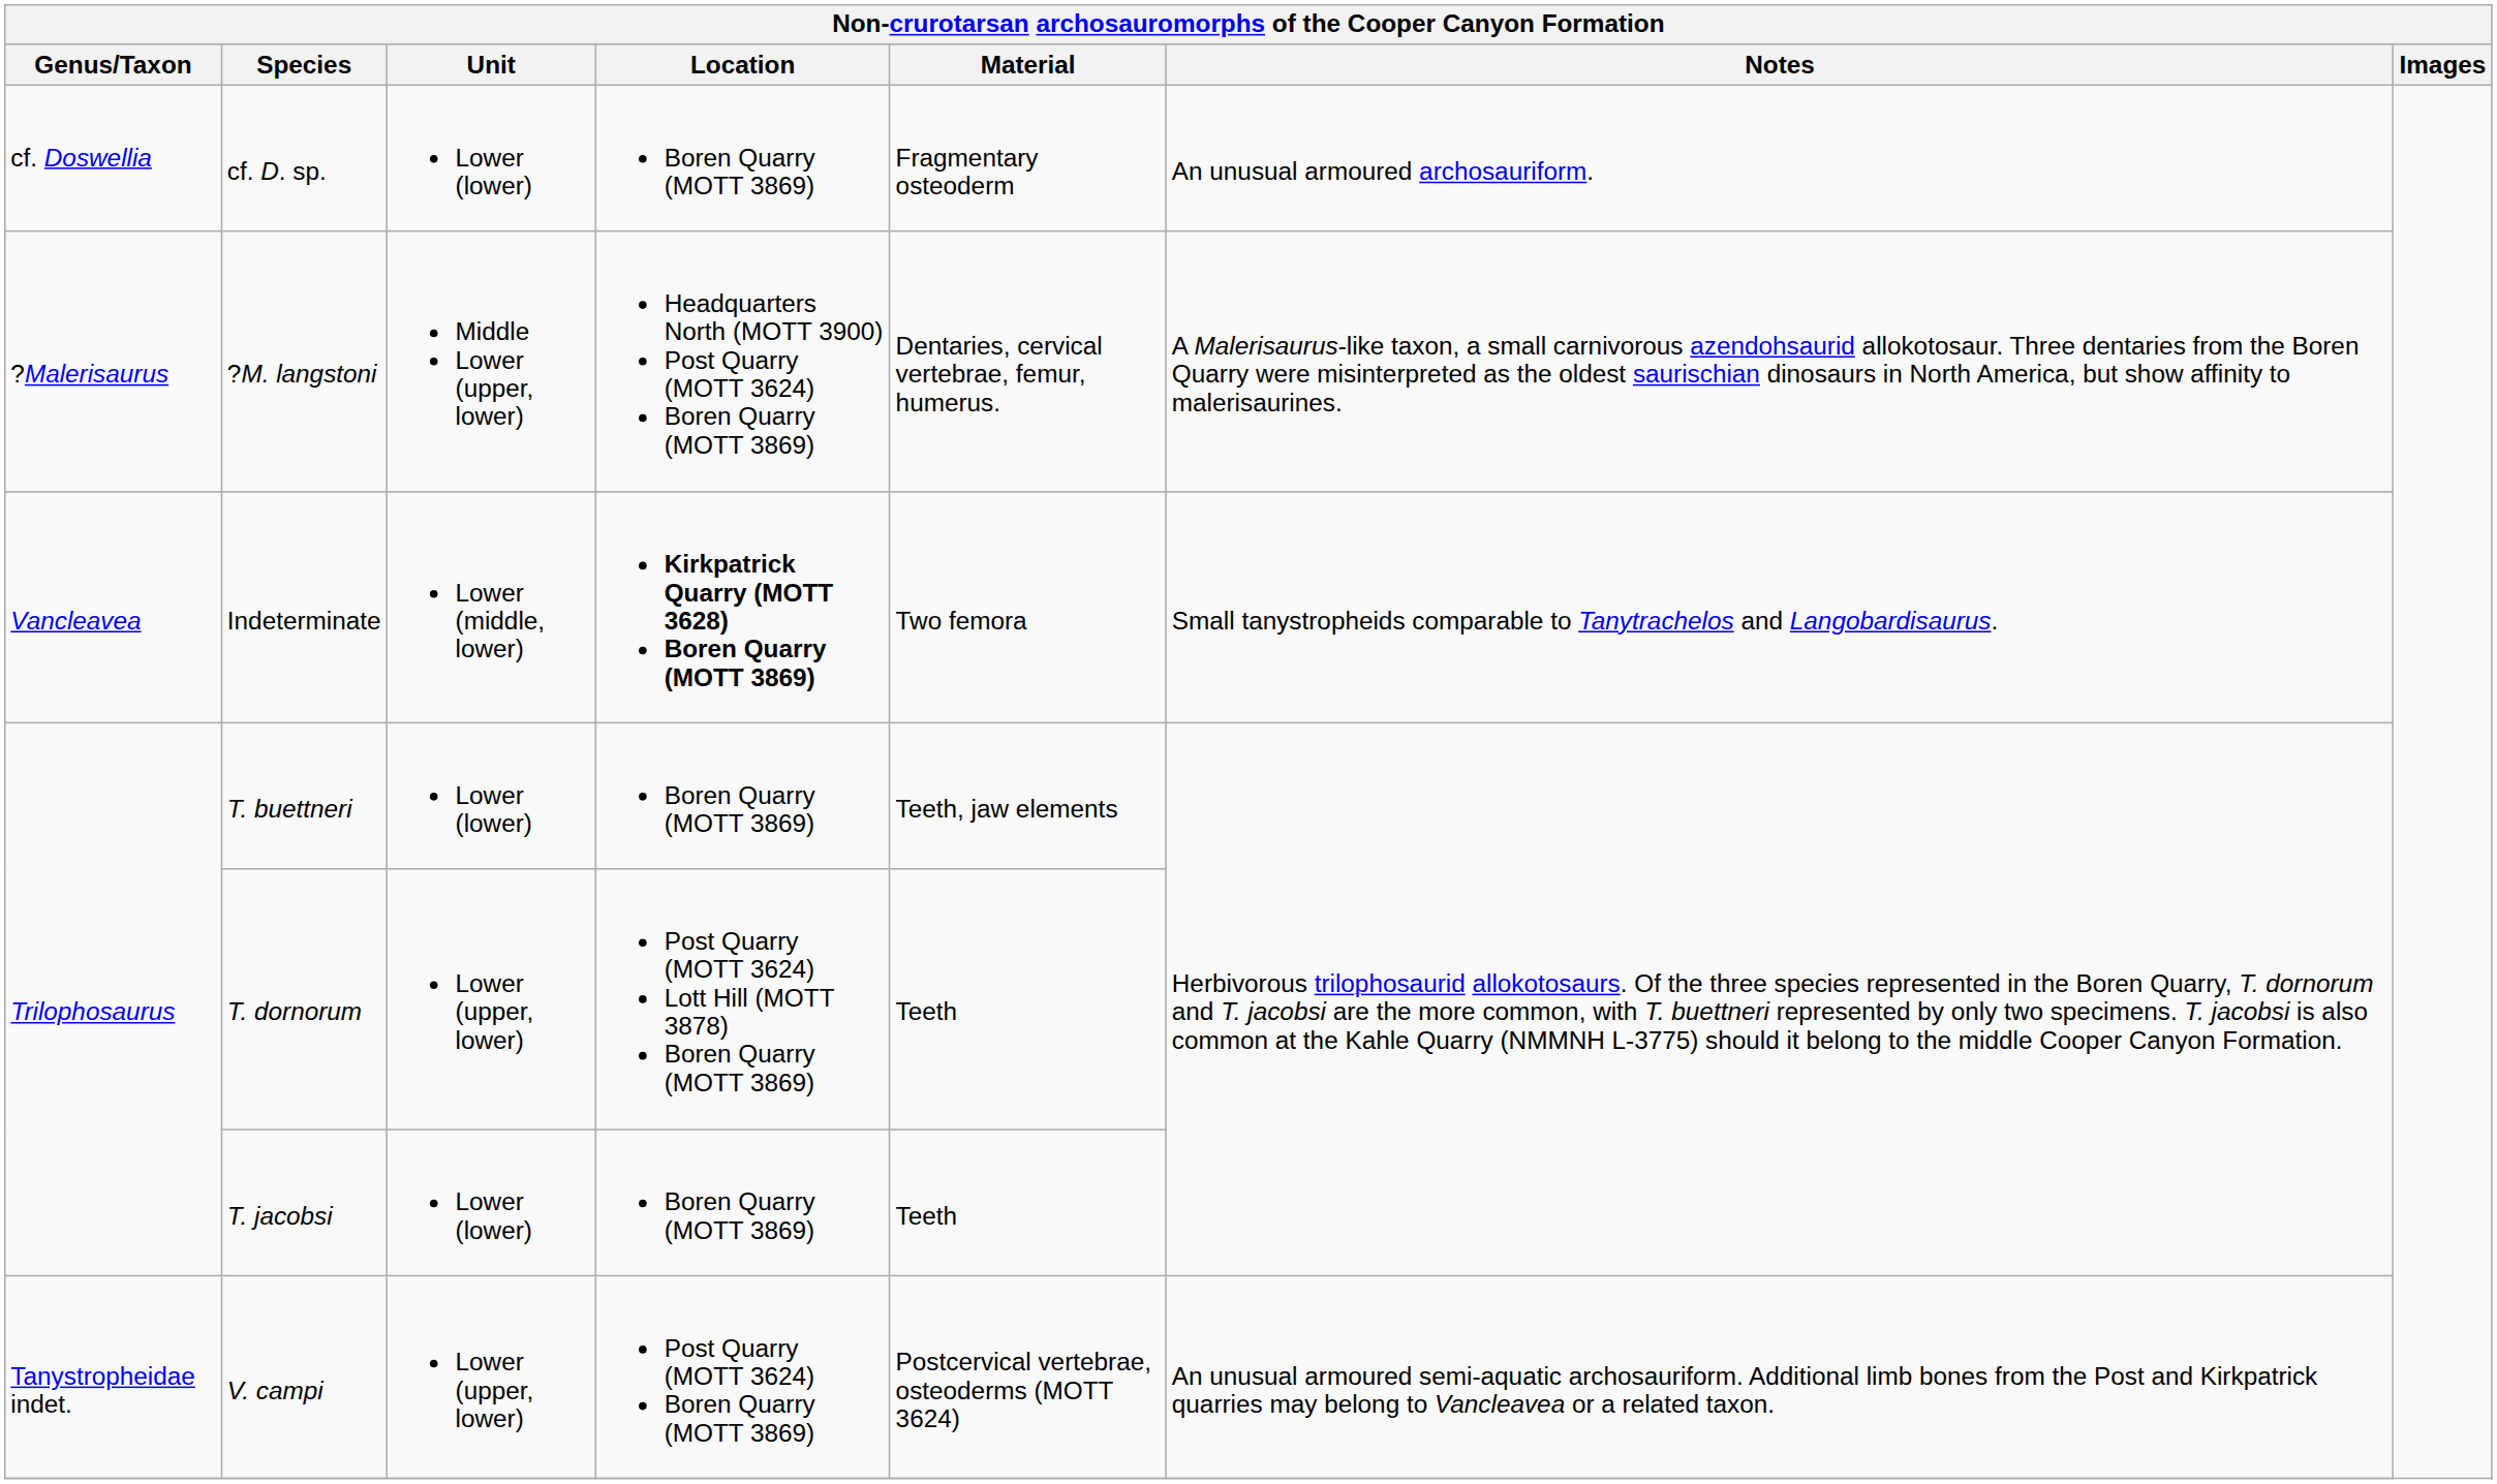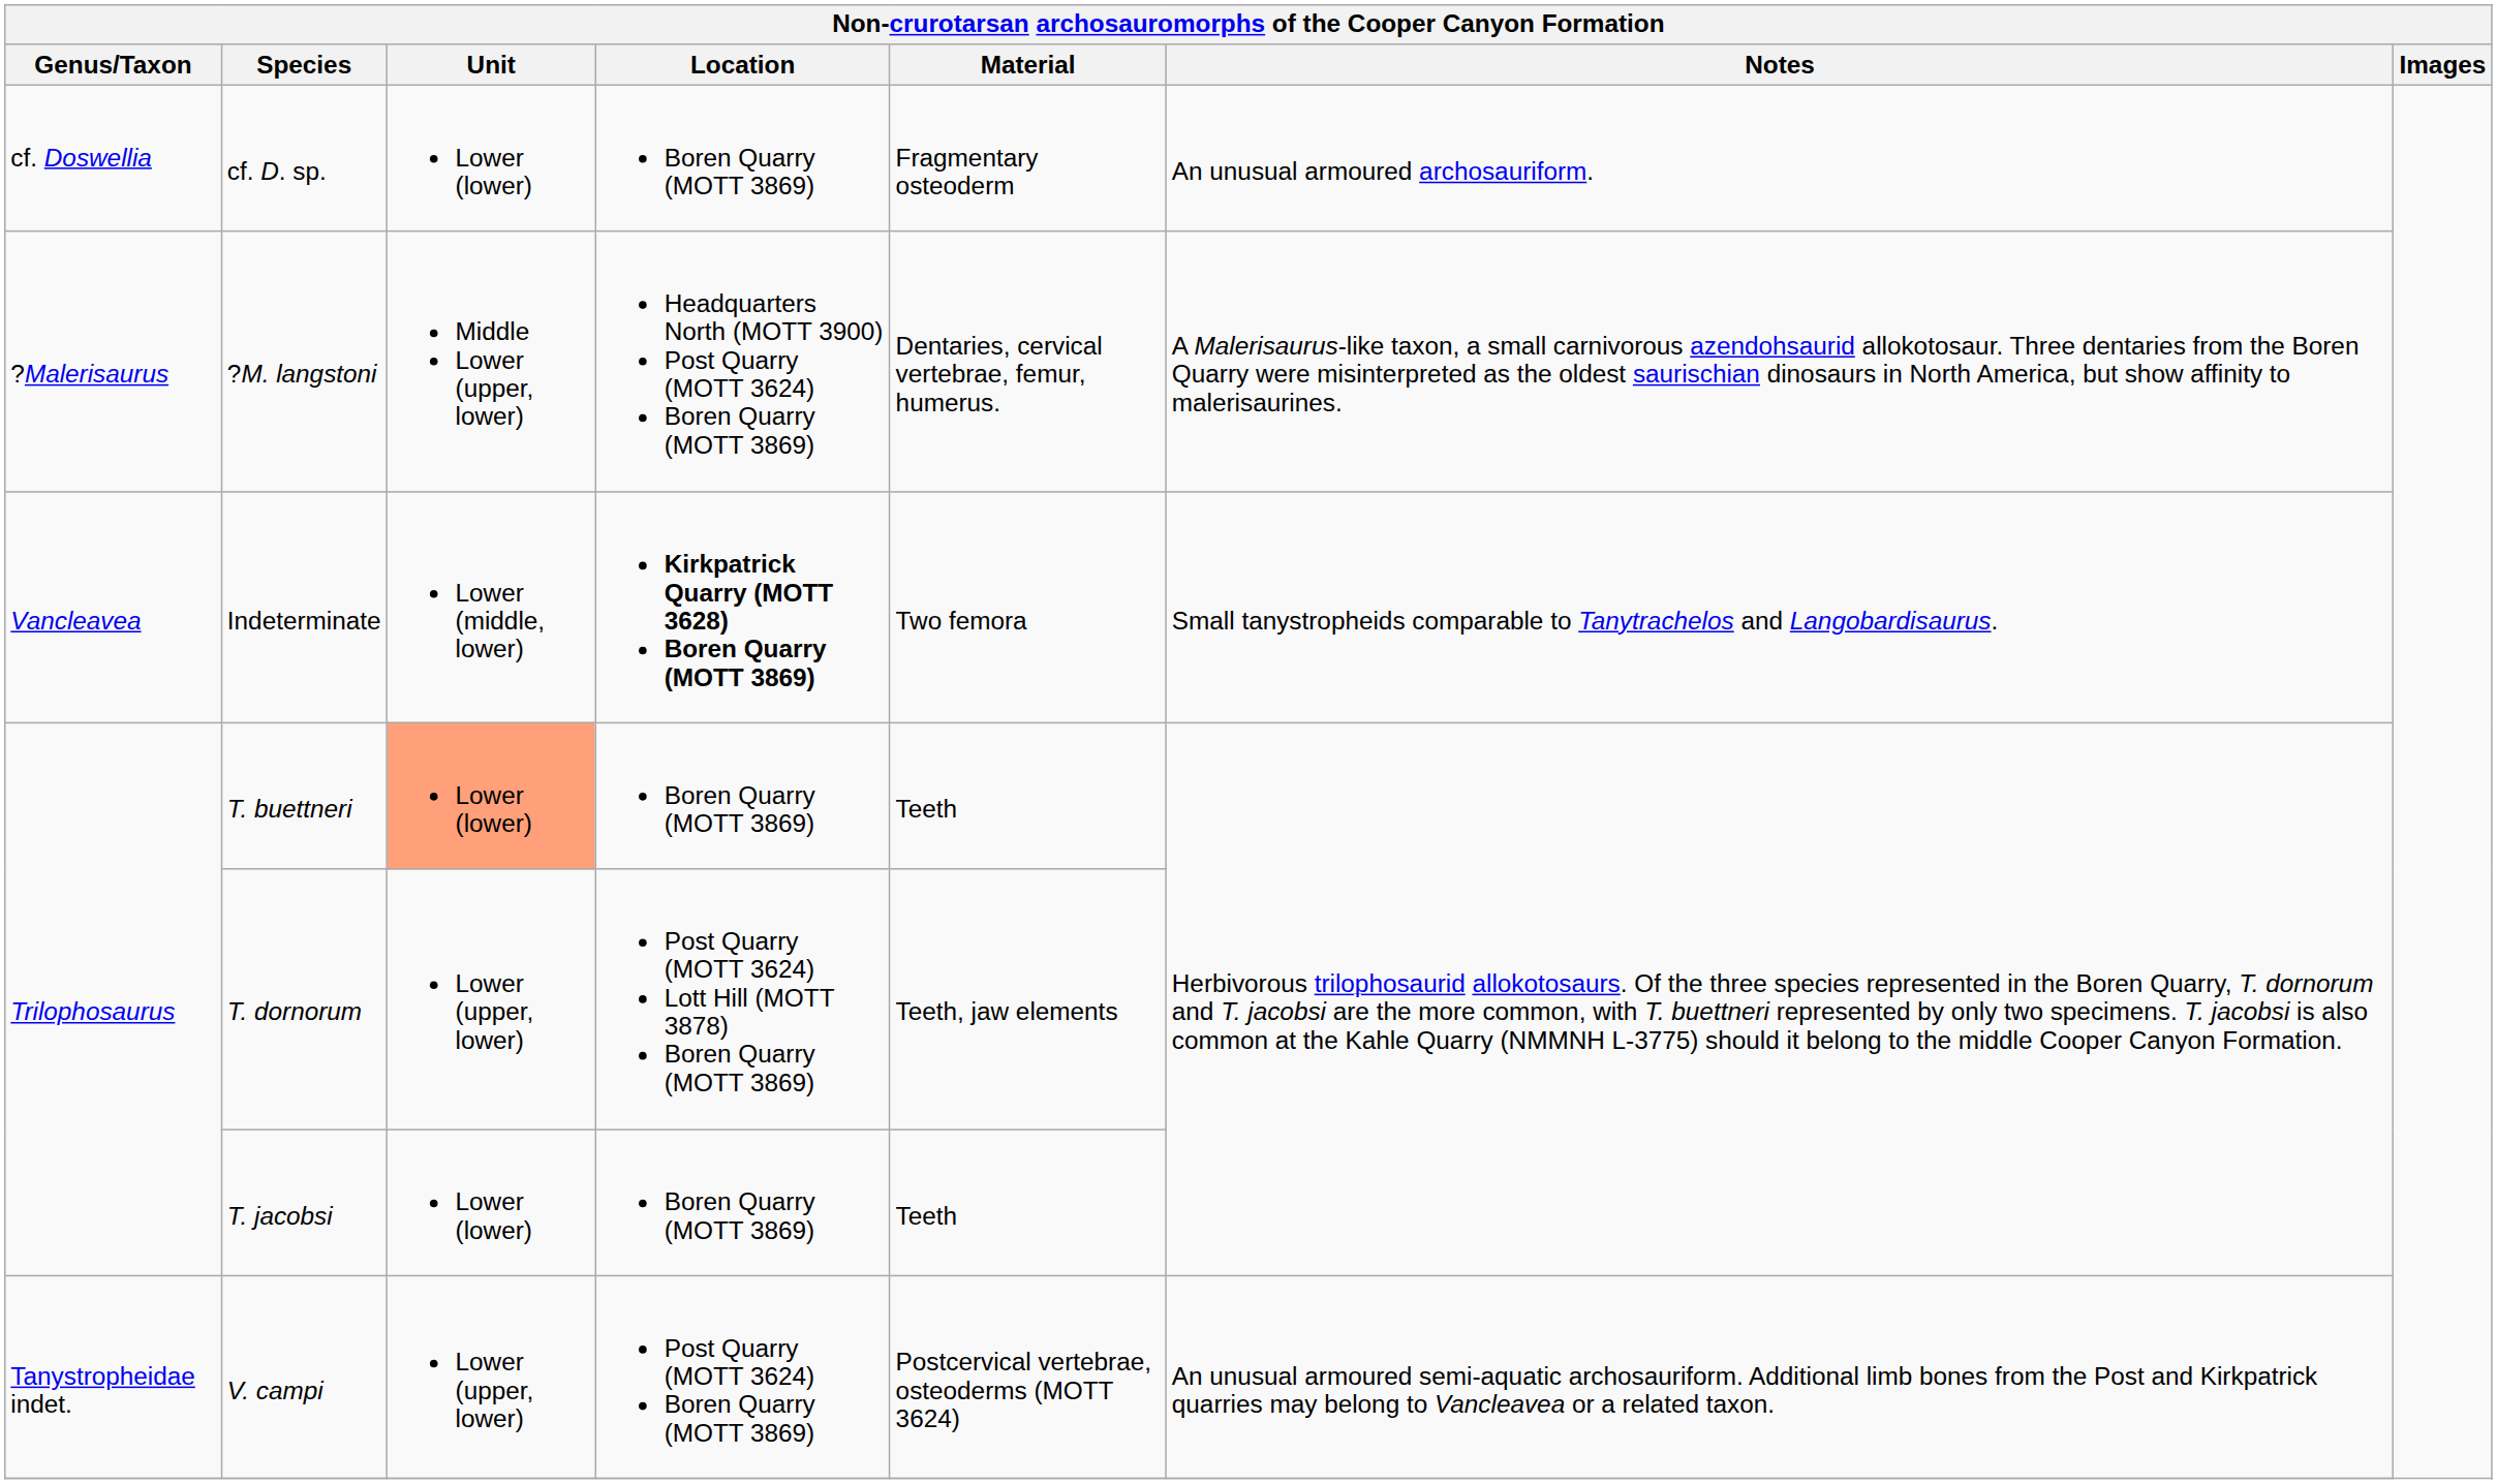 <table class="wikitable" align="center" width="100%">
 <tr>
 <th colspan="7" align="center"><strong>Non-<a href='#'>crurotarsan</a> <a href='#'>archosauromorphs</a> of the Cooper Canyon Formation</strong></th>
 </tr>
 <tr>
 <th>Genus/Taxon</th>
 <th>Species</th>
 <th>Unit</th>
 <th>Location</th>
 <th>Material</th>
 <th>Notes</th>
 <th>Images</th>
 </tr>
 <tr>
 <td>cf. <em><a href='#'>Doswellia</a></em></td>
 <td><br>cf. <em>D</em>. sp.</td>
 <td><br><ul><li>Lower (lower)</li></ul></td>
 <td><br><ul><li>Boren Quarry (MOTT 3869)</li></ul></td>
 <td><br>Fragmentary osteoderm</td>
 <td><br>An unusual armoured <a href='#'>archosauriform</a>.</td>
 <td rowspan="107"><br> </td>
 </tr>
 <tr>
 <td><br>?<em><a href='#'>Malerisaurus</a></em></td>
 <td><br>?<em>M. langstoni</em></td>
 <td><br><ul><li>Middle</li><li>Lower (upper, lower)</li></ul></td>
 <td><br><ul><li>Headquarters North (MOTT 3900)</li><li>Post Quarry (MOTT 3624)</li><li>Boren Quarry (MOTT 3869)</li></ul></td>
 <td><br>Dentaries, cervical vertebrae, femur, humerus.</td>
 <td><br>A <em>Malerisaurus</em>-like taxon, a small carnivorous <a href='#'>azendohsaurid</a> allokotosaur. Three dentaries from the Boren Quarry were misinterpreted as the oldest <a href='#'>saurischian</a> dinosaurs in North America, but show affinity to malerisaurines.</td>
 </tr>
 <tr>
 <td><br><em><a href='#'>Vancleavea</a></em></td>
 <td><br>Indeterminate</td>
 <td><br><ul><li>Lower (middle, lower)</li></ul></td>
 <td><strong><br><ul><li>Kirkpatrick Quarry (MOTT 3628)</li><li>Boren Quarry (MOTT 3869)</li></ul></strong></td>
 <td><br>Two femora</td>
 <td><br>Small tanystropheids comparable to <em><a href='#'>Tanytrachelos</a></em> and <em><a href='#'>Langobardisaurus</a></em>.</td>
 </tr>
 <tr>
 <td rowspan="3"><br><em><a href='#'>Trilophosaurus</a></em></td>
 <td><br><em>T. buettneri</em></td>
-<td><br><ul><li>Lower (lower)</li></ul></td>
+<td style="background: lightsalmon;"><br><ul><li>Lower (lower)</li></ul></td>
 <td><br><ul><li>Boren Quarry (MOTT 3869)</li></ul></td>
-<td><br>Teeth, jaw elements</td>
+<td><br>Teeth</td>
 <td rowspan="3"><br>Herbivorous <a href='#'>trilophosaurid</a> <a href='#'>allokotosaurs</a>. Of the three species represented in the Boren Quarry, <em>T. dornorum</em> and <em>T. jacobsi</em> are the more common, with <em>T. buettneri</em> represented by only two specimens. <em>T. jacobsi</em> is also common at the Kahle Quarry (NMMNH L-3775) should it belong to the middle Cooper Canyon Formation.</td>
 </tr>
 <tr>
 <td><br><em>T. dornorum</em></td>
 <td><br><ul><li>Lower (upper, lower)</li></ul></td>
 <td><br><ul><li>Post Quarry (MOTT 3624)</li><li>Lott Hill (MOTT 3878)</li><li>Boren Quarry (MOTT 3869)</li></ul></td>
-<td><br>Teeth</td>
+<td><br>Teeth, jaw elements</td>
 </tr>
 <tr>
 <td><br><em>T. jacobsi</em></td>
 <td><br><ul><li>Lower (lower)</li></ul></td>
 <td><br><ul><li>Boren Quarry (MOTT 3869)</li></ul></td>
 <td><br>Teeth</td>
 </tr>
 <tr>
 <td><br><a href='#'>Tanystropheidae</a> indet.</td>
 <td><br><em>V. campi</em></td>
 <td><br><ul><li>Lower (upper, lower)</li></ul></td>
 <td><br><ul><li>Post Quarry (MOTT 3624)</li><li>Boren Quarry (MOTT 3869)</li></ul></td>
 <td><br>Postcervical vertebrae, osteoderms (MOTT 3624)</td>
 <td><br>An unusual armoured semi-aquatic archosauriform. Additional limb bones from the Post and Kirkpatrick quarries may belong to <em>Vancleavea</em> or a related taxon.</td>
 </tr>
 <tr>
 </tr>
 </table>
